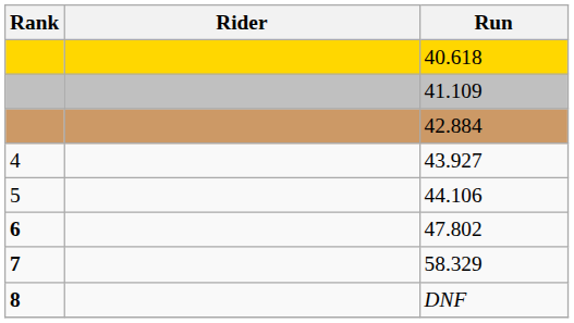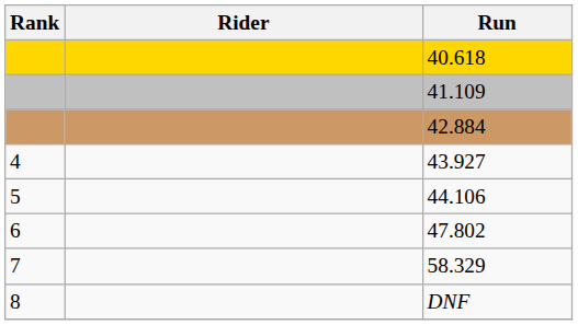 <table class="wikitable" style="font-size:95%" style="text-align:center">
 <tr>
 <th>Rank</th>
 <th width=250>Rider</th>
 <th width=100>Run</th>
 </tr>
 <tr bgcolor=gold>
 <td></td>
 <td align=left></td>
 <td>40.618</td>
 </tr>
 <tr bgcolor=silver>
 <td></td>
 <td align=left></td>
 <td>41.109</td>
 </tr>
 <tr bgcolor=cc9966>
 <td></td>
 <td align=left></td>
 <td>42.884</td>
 </tr>
 <tr>
 <td>4</td>
 <td align=left></td>
 <td>43.927</td>
 </tr>
 <tr>
 <td>5</td>
 <td align=left></td>
 <td>44.106</td>
 </tr>
 <tr>
-<td><strong>6</strong></td>
+<td>6</td>
 <td align=left></td>
 <td>47.802</td>
 </tr>
 <tr>
-<td><strong>7</strong></td>
+<td>7</td>
 <td align=left></td>
 <td>58.329</td>
 </tr>
 <tr>
-<td><strong>8</strong></td>
+<td>8</td>
 <td align=left></td>
 <td><em>DNF</em></td>
 </tr>
 <tr>
 </tr>
 </table>
